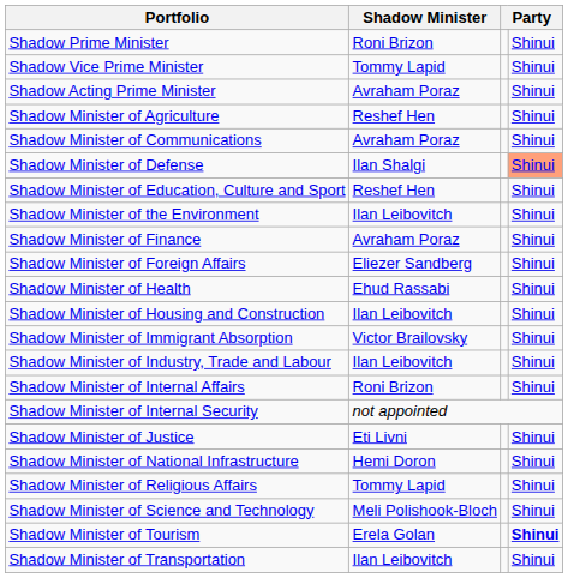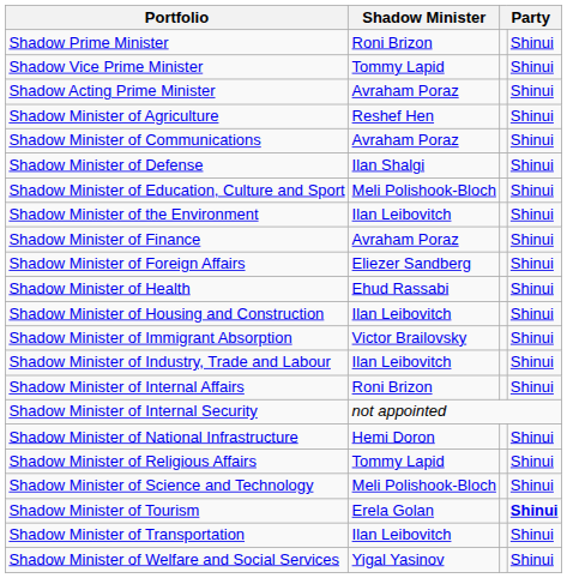 <table class=wikitable>
 <tr>
 <th>Portfolio</th>
 <th>Shadow Minister</th>
 <th colspan=2>Party</th>
 </tr>
 <tr>
 <td><a href='#'>Shadow Prime Minister</a></td>
 <td><a href='#'>Roni Brizon</a></td>
 <td style="background:"></td>
 <td><a href='#'>Shinui</a></td>
 </tr>
 <tr>
 <td><a href='#'>Shadow Vice Prime Minister</a></td>
 <td><a href='#'>Tommy Lapid</a></td>
 <td style="background:"></td>
 <td><a href='#'>Shinui</a></td>
 </tr>
 <tr>
 <td><a href='#'>Shadow Acting Prime Minister</a></td>
 <td><a href='#'>Avraham Poraz</a></td>
 <td style="background:"></td>
 <td><a href='#'>Shinui</a></td>
 </tr>
 <tr>
 <td><a href='#'>Shadow Minister of Agriculture</a></td>
 <td><a href='#'>Reshef Hen</a></td>
 <td style="background:"></td>
 <td><a href='#'>Shinui</a></td>
 </tr>
 <tr>
 <td><a href='#'>Shadow Minister of Communications</a></td>
 <td><a href='#'>Avraham Poraz</a></td>
 <td style="background:"></td>
 <td><a href='#'>Shinui</a></td>
 </tr>
 <tr>
 <td><a href='#'>Shadow Minister of Defense</a></td>
 <td><a href='#'>Ilan Shalgi</a></td>
 <td style="background:"></td>
-<td style="background: lightsalmon;"><a href='#'>Shinui</a></td>
+<td><a href='#'>Shinui</a></td>
 </tr>
 <tr>
 <td><a href='#'>Shadow Minister of Education, Culture and Sport</a></td>
-<td><a href='#'>Reshef Hen</a></td>
+<td><a href='#'>Meli Polishook-Bloch</a></td>
 <td style="background:"></td>
 <td><a href='#'>Shinui</a></td>
 </tr>
 <tr>
 <td><a href='#'>Shadow Minister of the Environment</a></td>
 <td><a href='#'>Ilan Leibovitch</a></td>
 <td style="background:"></td>
 <td><a href='#'>Shinui</a></td>
 </tr>
 <tr>
 <td><a href='#'>Shadow Minister of Finance</a></td>
 <td><a href='#'>Avraham Poraz</a></td>
 <td style="background:"></td>
 <td><a href='#'>Shinui</a></td>
 </tr>
 <tr>
 <td><a href='#'>Shadow Minister of Foreign Affairs</a></td>
 <td><a href='#'>Eliezer Sandberg</a></td>
 <td style="background:"></td>
 <td><a href='#'>Shinui</a></td>
 </tr>
 <tr>
 <td><a href='#'>Shadow Minister of Health</a></td>
 <td><a href='#'>Ehud Rassabi</a></td>
 <td style="background:"></td>
 <td><a href='#'>Shinui</a></td>
 </tr>
 <tr>
 <td><a href='#'>Shadow Minister of Housing and Construction</a></td>
 <td><a href='#'>Ilan Leibovitch</a></td>
 <td style="background:"></td>
 <td><a href='#'>Shinui</a></td>
 </tr>
 <tr>
 <td><a href='#'>Shadow Minister of Immigrant Absorption</a></td>
 <td><a href='#'>Victor Brailovsky</a></td>
 <td style="background:"></td>
 <td><a href='#'>Shinui</a></td>
 </tr>
 <tr>
 <td><a href='#'>Shadow Minister of Industry, Trade and Labour</a></td>
 <td><a href='#'>Ilan Leibovitch</a></td>
 <td style="background:"></td>
 <td><a href='#'>Shinui</a></td>
 </tr>
 <tr>
 <td><a href='#'>Shadow Minister of Internal Affairs</a></td>
 <td><a href='#'>Roni Brizon</a></td>
 <td style="background:"></td>
 <td><a href='#'>Shinui</a></td>
 </tr>
 <tr>
 <td><a href='#'>Shadow Minister of Internal Security</a></td>
 <td colspan=3><em>not appointed</em></td>
 </tr>
 <tr>
-<td><a href='#'>Shadow Minister of Justice</a></td>
-<td><a href='#'>Eti Livni</a></td>
-<td style="background:"></td>
-<td><a href='#'>Shinui</a></td>
-</tr>
-<tr>
 <td><a href='#'>Shadow Minister of National Infrastructure</a></td>
 <td><a href='#'>Hemi Doron</a></td>
 <td style="background:"></td>
 <td><a href='#'>Shinui</a></td>
 </tr>
 <tr>
 <td><a href='#'>Shadow Minister of Religious Affairs</a></td>
 <td><a href='#'>Tommy Lapid</a></td>
 <td style="background:"></td>
 <td><a href='#'>Shinui</a></td>
 </tr>
 <tr>
 <td><a href='#'>Shadow Minister of Science and Technology</a></td>
 <td><a href='#'>Meli Polishook-Bloch</a></td>
 <td style="background:"></td>
 <td><a href='#'>Shinui</a></td>
 </tr>
 <tr>
 <td><a href='#'>Shadow Minister of Tourism</a></td>
 <td><a href='#'>Erela Golan</a></td>
 <td style="background:"></td>
 <td><strong><a href='#'>Shinui</a></strong></td>
 </tr>
 <tr>
 <td><a href='#'>Shadow Minister of Transportation</a></td>
 <td><a href='#'>Ilan Leibovitch</a></td>
 <td style="background:"></td>
 <td><a href='#'>Shinui</a></td>
 </tr>
+<tr>
+<td><a href='#'>Shadow Minister of Welfare and Social Services</a></td>
+<td><a href='#'>Yigal Yasinov</a></td>
+<td style="background:"></td>
+<td><a href='#'>Shinui</a></td>
+</tr>
 </table>
